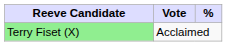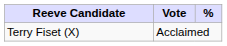 <table class="wikitable">
 <tr>
 <th style="background:#ddf; width:200px;">Reeve Candidate</th>
 <th style="background:#ddf; width:50px;">Vote</th>
 <th style="background:#ddf; width:30px;">%</th>
 </tr>
 <tr>
-<td style="background: lightgreen;">Terry Fiset (X)</td>
+<td>Terry Fiset (X)</td>
 <td colspan="2">Acclaimed</td>
 </tr>
 </table>
